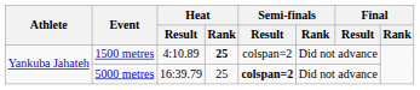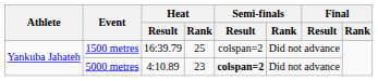 <table class="wikitable" style="font-size:90%; text-align:center">
 <tr>
 <th rowspan="2">Athlete</th>
 <th rowspan="2">Event</th>
 <th colspan="2">Heat</th>
 <th colspan="2">Semi-finals</th>
 <th colspan="2">Final</th>
 </tr>
 <tr>
 <th>Result</th>
 <th>Rank</th>
 <th>Result</th>
 <th>Rank</th>
 <th>Result</th>
 <th>Rank</th>
 </tr>
 <tr>
 <td align="left"  rowspan="2"><a href='#'>Yankuba Jahateh</a></td>
 <td align="left"><a href='#'>1500 metres</a></td>
-<td>4:10.89</td>
-<td><strong>25</strong></td>
+<td>16:39.79</td>
+<td>25</td>
 <td>colspan=2 </td>
 <td colspan="2">Did not advance</td>
 </tr>
 <tr>
 <td align="left"><a href='#'> 5000 metres</a></td>
-<td>16:39.79</td>
-<td>25</td>
+<td>4:10.89</td>
+<td>23</td>
 <td><strong>colspan=2 </strong></td>
 <td colspan="2">Did not advance</td>
 </tr>
 </table>
